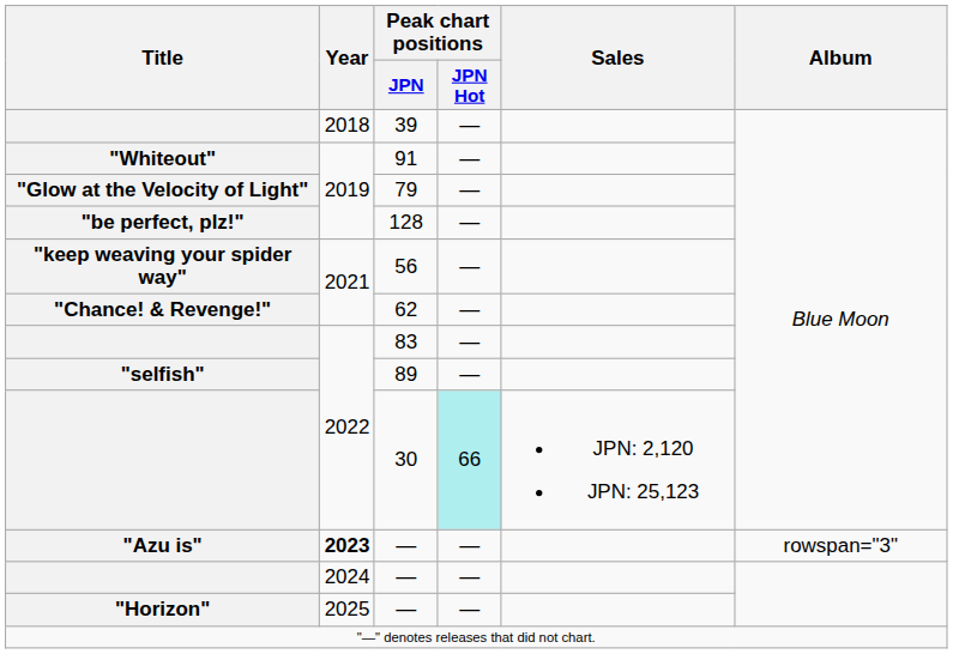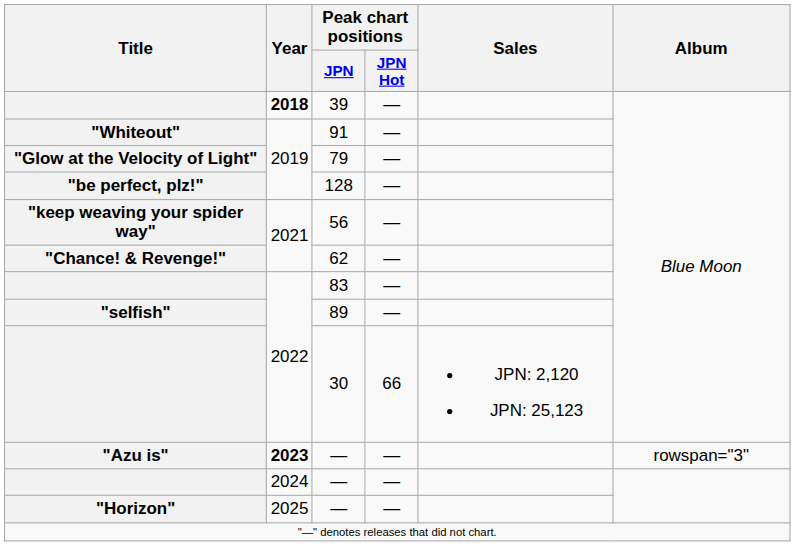 <table class="wikitable plainrowheaders" style="text-align:center;">
 <tr>
 <th scope="col" rowspan="2" style="width:15em;">Title</th>
 <th scope="col" rowspan="2" style="width:1em;">Year</th>
 <th scope="col" colspan="2">Peak chart<br>positions</th>
 <th scope="col" rowspan="2" style="width:11em;">Sales</th>
 <th scope="col" rowspan="2" style="width:10em;">Album</th>
 </tr>
 <tr>
 <th scope="col" style="width:3em;font-size:90%;"><a href='#'>JPN</a><br></th>
 <th scope="col" style="width:3em;font-size:90%;"><a href='#'>JPN<br>Hot</a><br></th>
 </tr>
 <tr>
 <th scope="row"></th>
-<td>2018</td>
+<td><strong>2018</strong></td>
 <td>39</td>
 <td>—</td>
 <td></td>
 <td rowspan="9"><em>Blue Moon</em></td>
 </tr>
 <tr>
 <th scope="row">"Whiteout"</th>
 <td rowspan="3">2019</td>
 <td>91</td>
 <td>—</td>
 <td></td>
 </tr>
 <tr>
 <th scope="row">"Glow at the Velocity of Light"</th>
 <td>79</td>
 <td>—</td>
 <td></td>
 </tr>
 <tr>
 <th scope="row">"be perfect, plz!"</th>
 <td>128</td>
 <td>—</td>
 <td></td>
 </tr>
 <tr>
 <th scope="row">"keep weaving your spider way"</th>
 <td rowspan="2">2021</td>
 <td>56</td>
 <td>—</td>
 <td></td>
 </tr>
 <tr>
 <th scope="row">"Chance! & Revenge!"</th>
 <td>62</td>
 <td>—</td>
 <td></td>
 </tr>
 <tr>
 <th scope="row"></th>
 <td rowspan="3">2022</td>
 <td>83</td>
 <td>—</td>
 <td></td>
 </tr>
 <tr>
 <th scope="row">"selfish"</th>
 <td>89</td>
 <td>—</td>
 <td></td>
 </tr>
 <tr>
 <th scope="row"></th>
 <td>30</td>
-<td style="background: paleturquoise;">66</td>
+<td>66</td>
 <td><br><ul><li>JPN: 2,120 </li></ul><ul><li>JPN: 25,123 </li></ul></td>
 </tr>
 <tr>
 <th scope="row">"Azu is"</th>
 <td><strong>2023</strong></td>
 <td>—</td>
 <td>—</td>
 <td></td>
 <td>rowspan="3" </td>
 </tr>
 <tr>
 <th scope="row"></th>
 <td>2024</td>
 <td>—</td>
 <td>—</td>
 <td></td>
 </tr>
 <tr>
 <th scope="row">"Horizon"</th>
 <td>2025</td>
 <td>—</td>
 <td>—</td>
 <td></td>
 </tr>
 <tr>
 <td colspan="6" style="font-size: 8pt">"—" denotes releases that did not chart.</td>
 </tr>
 </table>
